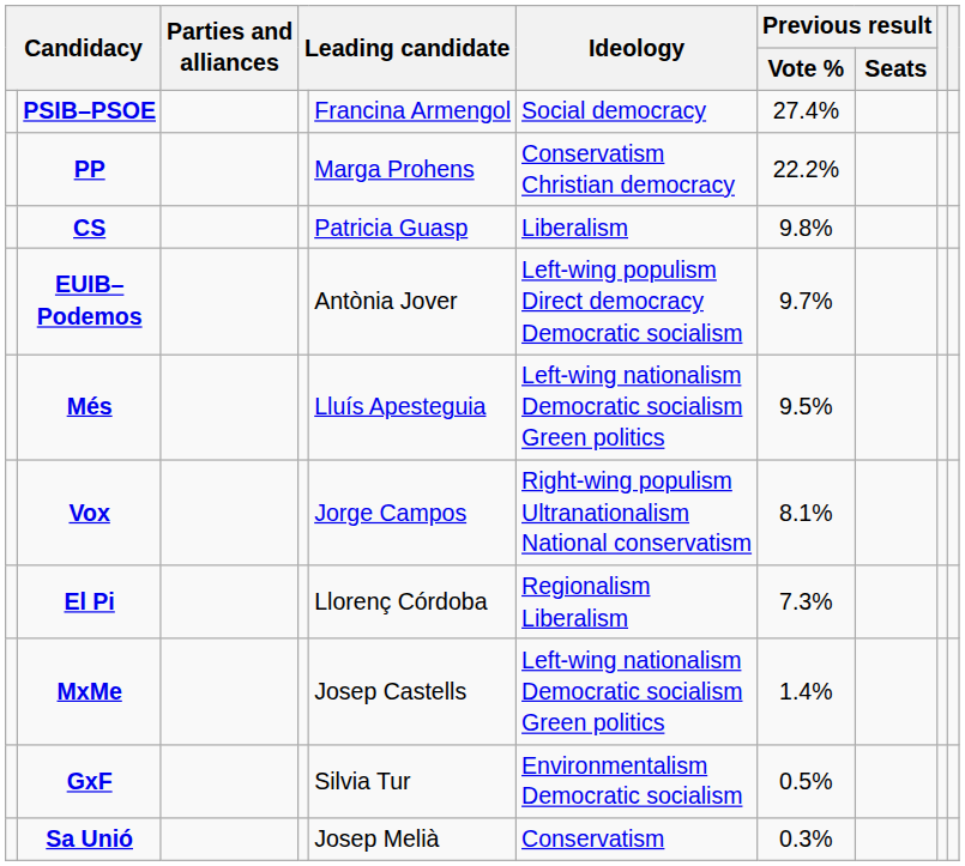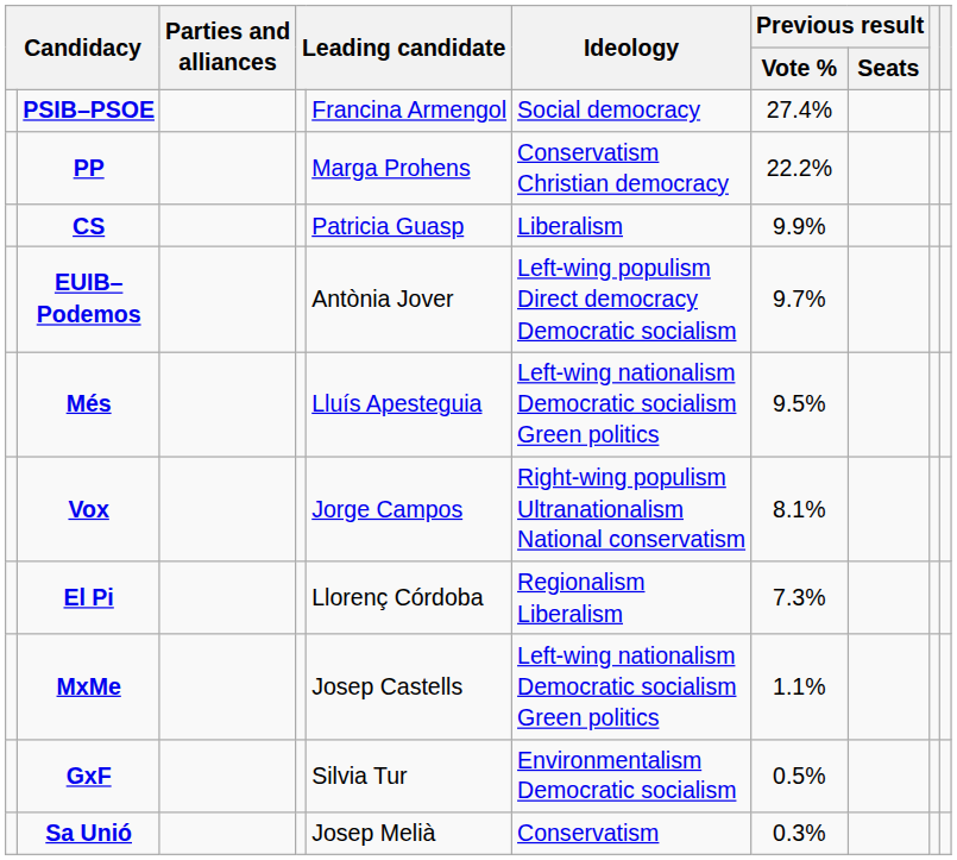 <table class="wikitable" style="line-height:1.35em; text-align:left;">
 <tr>
 <th colspan="2" rowspan="2">Candidacy</th>
 <th rowspan="2">Parties and<br>alliances</th>
 <th colspan="2" rowspan="2">Leading candidate</th>
 <th rowspan="2">Ideology</th>
 <th colspan="2">Previous result</th>
 <th rowspan="2"></th>
 <th rowspan="2"></th>
 </tr>
 <tr>
 <th>Vote %</th>
 <th>Seats</th>
 </tr>
 <tr>
 <td width="1" style="color:inherit;background:"></td>
 <td align="center"><strong><a href='#'>PSIB–PSOE</a></strong></td>
 <td></td>
 <td></td>
 <td><a href='#'>Francina Armengol</a></td>
 <td><a href='#'>Social democracy</a></td>
 <td align="center">27.4%</td>
 <td></td>
 <td></td>
 <td></td>
 </tr>
 <tr>
 <td style="color:inherit;background:"></td>
 <td align="center"><strong><a href='#'>PP</a></strong></td>
 <td></td>
 <td></td>
 <td><a href='#'>Marga Prohens</a></td>
 <td><a href='#'>Conservatism</a><br><a href='#'>Christian democracy</a></td>
 <td align="center">22.2%</td>
 <td></td>
 <td></td>
 <td></td>
 </tr>
 <tr>
 <td style="color:inherit;background:"></td>
 <td align="center"><strong><a href='#'>CS</a></strong></td>
 <td></td>
 <td></td>
 <td><a href='#'>Patricia Guasp</a></td>
 <td><a href='#'>Liberalism</a></td>
-<td align="center">9.8%</td>
+<td align="center">9.9%</td>
 <td></td>
 <td></td>
 <td><br></td>
 </tr>
 <tr>
 <td style="color:inherit;background:"></td>
 <td align="center"><strong><a href='#'>EUIB–<br>Podemos</a></strong></td>
 <td></td>
 <td></td>
 <td>Antònia Jover</td>
 <td><a href='#'>Left-wing populism</a><br><a href='#'>Direct democracy</a><br><a href='#'>Democratic socialism</a></td>
 <td align="center">9.7%</td>
 <td></td>
 <td></td>
 <td></td>
 </tr>
 <tr>
 <td style="color:inherit;background:"></td>
 <td align="center"><strong><a href='#'>Més</a></strong></td>
 <td></td>
 <td></td>
 <td><a href='#'>Lluís Apesteguia</a></td>
 <td><a href='#'>Left-wing nationalism</a><br><a href='#'>Democratic socialism</a><br><a href='#'>Green politics</a></td>
 <td align="center">9.5%</td>
 <td></td>
 <td></td>
 <td></td>
 </tr>
 <tr>
 <td style="color:inherit;background:"></td>
 <td align="center"><strong><a href='#'>Vox</a></strong></td>
 <td></td>
 <td></td>
 <td><a href='#'>Jorge Campos</a></td>
 <td><a href='#'>Right-wing populism</a><br><a href='#'>Ultranationalism</a><br><a href='#'>National conservatism</a></td>
 <td align="center">8.1%</td>
 <td></td>
 <td></td>
 <td></td>
 </tr>
 <tr>
 <td style="color:inherit;background:"></td>
 <td align="center"><strong><a href='#'>El Pi</a></strong></td>
 <td></td>
 <td></td>
 <td>Llorenç Córdoba</td>
 <td><a href='#'>Regionalism</a><br><a href='#'>Liberalism</a></td>
 <td align="center">7.3%</td>
 <td></td>
 <td></td>
 <td><br></td>
 </tr>
 <tr>
 <td style="color:inherit;background:"></td>
 <td align="center"><strong><a href='#'>MxMe</a></strong></td>
 <td></td>
 <td></td>
 <td>Josep Castells</td>
 <td><a href='#'>Left-wing nationalism</a><br><a href='#'>Democratic socialism</a><br><a href='#'>Green politics</a></td>
-<td align="center">1.4%</td>
+<td align="center">1.1%</td>
 <td></td>
 <td></td>
 <td></td>
 </tr>
 <tr>
 <td style="color:inherit;background:"></td>
 <td align="center"><strong><a href='#'>GxF</a></strong></td>
 <td></td>
 <td></td>
 <td>Silvia Tur</td>
 <td><a href='#'>Environmentalism</a><br><a href='#'>Democratic socialism</a></td>
 <td align="center">0.5%</td>
 <td></td>
 <td></td>
 <td></td>
 </tr>
 <tr>
 <td style="color:inherit;background:"></td>
 <td align="center"><strong><a href='#'>Sa Unió</a></strong></td>
 <td></td>
 <td></td>
 <td>Josep Melià</td>
 <td><a href='#'>Conservatism</a></td>
 <td align="center">0.3%</td>
 <td></td>
 <td></td>
 <td></td>
 </tr>
 </table>
